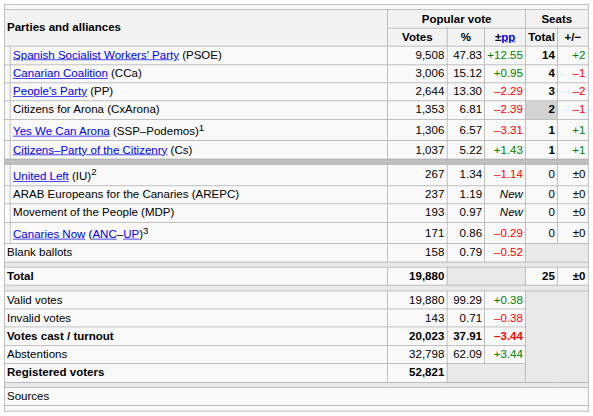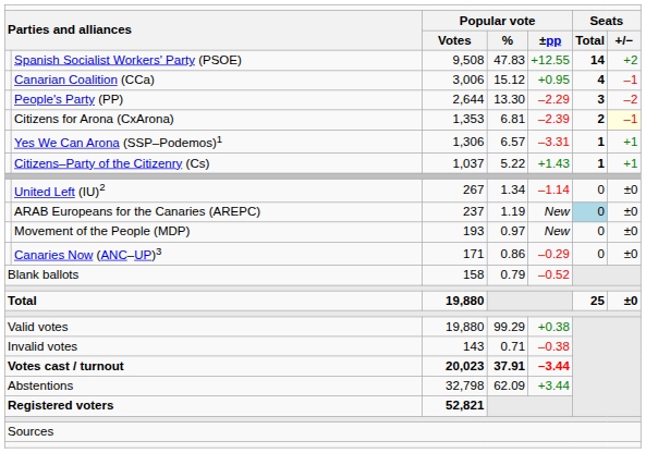 <table class="wikitable" style="text-align:right;">
 <tr>
 <td colspan="7"></td>
 </tr>
 <tr>
 <th style="text-align:left;" rowspan="2" colspan="2" width="525">Parties and alliances</th>
 <th colspan="3">Popular vote</th>
 <th colspan="2">Seats</th>
 </tr>
 <tr>
 <th width="75">Votes</th>
 <th width="45">%</th>
 <th width="45">±<a href='#'>pp</a></th>
 <th width="35">Total</th>
 <th width="35">+/−</th>
 </tr>
 <tr>
 <td width="1" style="color:inherit;background:"></td>
 <td align="left"><a href='#'>Spanish Socialist Workers' Party</a> (PSOE)</td>
 <td>9,508</td>
 <td>47.83</td>
 <td style="color:green;">+12.55</td>
 <td><strong>14</strong></td>
 <td style="color:green;">+2</td>
 </tr>
 <tr>
 <td style="color:inherit;background:"></td>
 <td align="left"><a href='#'>Canarian Coalition</a> (CCa)</td>
 <td>3,006</td>
 <td>15.12</td>
 <td style="color:green;">+0.95</td>
 <td><strong>4</strong></td>
 <td style="color:red;">–1</td>
 </tr>
 <tr>
 <td style="color:inherit;background:"></td>
 <td align="left"><a href='#'>People's Party</a> (PP)</td>
 <td>2,644</td>
 <td>13.30</td>
 <td style="color:red;">–2.29</td>
 <td><strong>3</strong></td>
 <td style="color:red;">–2</td>
 </tr>
 <tr>
 <td style="color:inherit;background:"></td>
 <td align="left">Citizens for Arona (CxArona)</td>
 <td>1,353</td>
 <td>6.81</td>
 <td style="color:red;">–2.39</td>
-<td style="background: lightgrey;"><strong>2</strong></td>
-<td style="color:red;">–1</td>
+<td><strong>2</strong></td>
+<td style="background: lightyellow; color:red;">–1</td>
 </tr>
 <tr>
 <td style="color:inherit;background:"></td>
 <td align="left"><a href='#'>Yes We Can Arona</a> (SSP–Podemos)<sup>1</sup></td>
 <td>1,306</td>
 <td>6.57</td>
 <td style="color:red;">–3.31</td>
 <td><strong>1</strong></td>
 <td style="color:green;">+1</td>
 </tr>
 <tr>
 <td style="color:inherit;background:"></td>
 <td align="left"><a href='#'>Citizens–Party of the Citizenry</a> (Cs)</td>
 <td>1,037</td>
 <td>5.22</td>
 <td style="color:green;">+1.43</td>
 <td><strong>1</strong></td>
 <td style="color:green;">+1</td>
 </tr>
 <tr>
 <td colspan="7" bgcolor="#C0C0C0"></td>
 </tr>
 <tr>
 <td style="color:inherit;background:"></td>
 <td align="left"><a href='#'>United Left</a> (IU)<sup>2</sup></td>
 <td>267</td>
 <td>1.34</td>
 <td style="color:red;">–1.14</td>
 <td>0</td>
 <td>±0</td>
 </tr>
 <tr>
 <td style="color:inherit;background:"></td>
 <td align="left">ARAB Europeans for the Canaries (AREPC)</td>
 <td>237</td>
 <td>1.19</td>
 <td><em>New</em></td>
-<td>0</td>
+<td style="background: lightblue;">0</td>
 <td>±0</td>
 </tr>
 <tr>
 <td bgcolor="white"></td>
 <td align="left">Movement of the People (MDP)</td>
 <td>193</td>
 <td>0.97</td>
 <td><em>New</em></td>
 <td>0</td>
 <td>±0</td>
 </tr>
 <tr>
 <td style="color:inherit;background:"></td>
 <td align="left"><a href='#'>Canaries Now</a> (<a href='#'>ANC</a>–<a href='#'>UP</a>)<sup>3</sup></td>
 <td>171</td>
 <td>0.86</td>
 <td style="color:red;">–0.29</td>
 <td>0</td>
 <td>±0</td>
 </tr>
 <tr>
 <td align="left" colspan="2">Blank ballots</td>
 <td>158</td>
 <td>0.79</td>
 <td style="color:red;">–0.52</td>
 <td bgcolor="#E9E9E9" colspan="2"></td>
 </tr>
 <tr>
 <td colspan="7" bgcolor="#E9E9E9"></td>
 </tr>
 <tr style="font-weight:bold;">
 <td align="left" colspan="2">Total</td>
 <td>19,880</td>
 <td bgcolor="#E9E9E9" colspan="2"></td>
 <td>25</td>
 <td>±0</td>
 </tr>
 <tr>
 <td colspan="7" bgcolor="#E9E9E9"></td>
 </tr>
 <tr>
 <td align="left" colspan="2">Valid votes</td>
 <td>19,880</td>
 <td>99.29</td>
 <td style="color:green;">+0.38</td>
 <td bgcolor="#E9E9E9" colspan="2" rowspan="5"></td>
 </tr>
 <tr>
 <td align="left" colspan="2">Invalid votes</td>
 <td>143</td>
 <td>0.71</td>
 <td style="color:red;">–0.38</td>
 </tr>
 <tr style="font-weight:bold;">
 <td align="left" colspan="2">Votes cast / turnout</td>
 <td>20,023</td>
 <td>37.91</td>
 <td style="color:red;">–3.44</td>
 </tr>
 <tr>
 <td align="left" colspan="2">Abstentions</td>
 <td>32,798</td>
 <td>62.09</td>
 <td style="color:green;">+3.44</td>
 </tr>
 <tr style="font-weight:bold;">
 <td align="left" colspan="2">Registered voters</td>
 <td>52,821</td>
 <td bgcolor="#E9E9E9" colspan="2"></td>
 </tr>
 <tr>
 <td colspan="7" bgcolor="#E9E9E9"></td>
 </tr>
 <tr>
 <td align="left" colspan="7">Sources</td>
 </tr>
 <tr>
 <td colspan="7" style="text-align:left; max-width:790px;"></td>
 </tr>
 </table>
